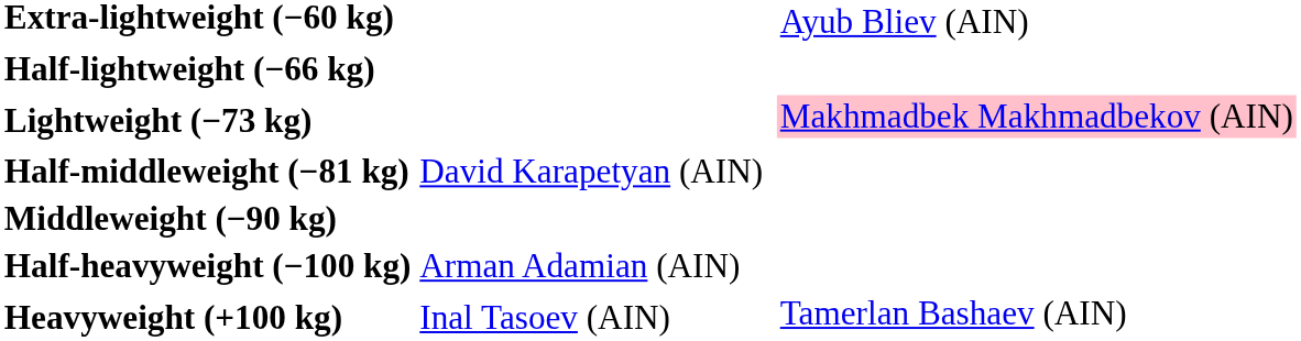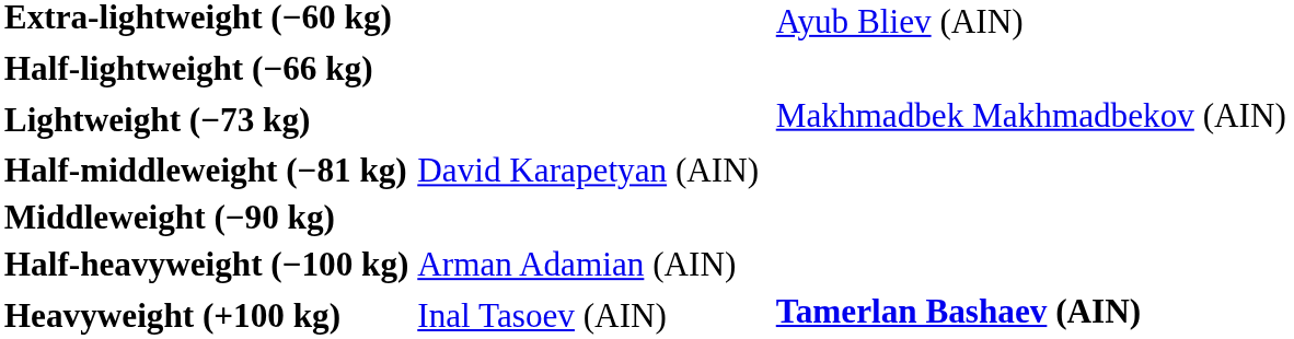 <table>
 <tr>
 <th rowspan=2 style="text-align:left;">Extra-lightweight (−60 kg)</th>
 <td rowspan=2></td>
 <td rowspan=2></td>
 <td></td>
 </tr>
 <tr>
 <td> <a href='#'>Ayub Bliev</a> <span>(<abbr>AIN</abbr>)</span></td>
 </tr>
 <tr>
 <th rowspan=2 style="text-align:left;">Half-lightweight (−66 kg)</th>
 <td rowspan=2></td>
 <td rowspan=2></td>
 <td></td>
 </tr>
 <tr>
 <td></td>
 </tr>
 <tr>
 <th rowspan=2 style="text-align:left;">Lightweight (−73 kg)</th>
 <td rowspan=2></td>
 <td rowspan=2></td>
-<td style="background: pink;"> <a href='#'>Makhmadbek Makhmadbekov</a> <span>(<abbr>AIN</abbr>)</span></td>
+<td> <a href='#'>Makhmadbek Makhmadbekov</a> <span>(<abbr>AIN</abbr>)</span></td>
 </tr>
 <tr>
 <td></td>
 </tr>
 <tr>
 <th rowspan=2 style="text-align:left;">Half-middleweight (−81 kg)</th>
 <td rowspan=2> <a href='#'>David Karapetyan</a> <span>(<abbr>AIN</abbr>)</span></td>
 <td rowspan=2></td>
 <td></td>
 </tr>
 <tr>
 <td></td>
 </tr>
 <tr>
 <th rowspan=2 style="text-align:left;">Middleweight (−90 kg)</th>
 <td rowspan=2></td>
 <td rowspan=2></td>
 <td></td>
 </tr>
 <tr>
 <td></td>
 </tr>
 <tr>
 <th rowspan=2 style="text-align:left;">Half-heavyweight (−100 kg)</th>
 <td rowspan=2> <a href='#'>Arman Adamian</a> <span>(<abbr>AIN</abbr>)</span></td>
 <td rowspan=2></td>
 <td></td>
 </tr>
 <tr>
 <td></td>
 </tr>
 <tr>
 <th rowspan=2 style="text-align:left;">Heavyweight (+100 kg)</th>
 <td rowspan=2> <a href='#'>Inal Tasoev</a> <span>(<abbr>AIN</abbr>)</span></td>
 <td rowspan=2></td>
-<td> <a href='#'>Tamerlan Bashaev</a> <span>(<abbr>AIN</abbr>)</span></td>
+<td><strong> <a href='#'>Tamerlan Bashaev</a> <span>(<abbr>AIN</abbr>)</span></strong></td>
 </tr>
 <tr>
 <td></td>
 </tr>
 </table>
